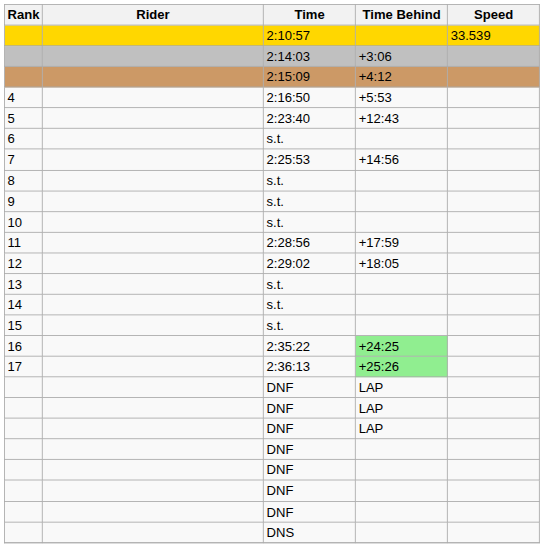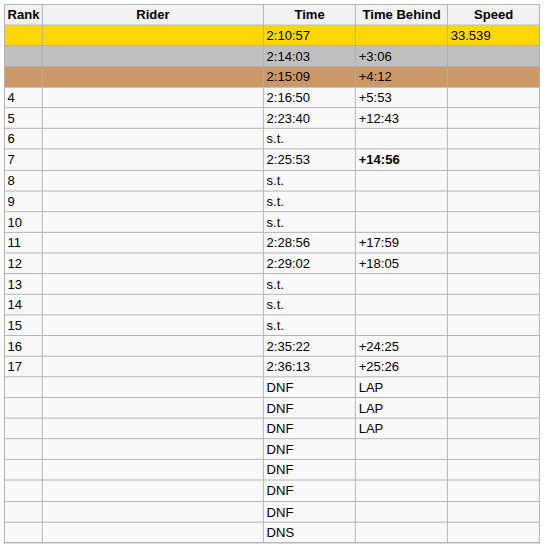 <table class="wikitable" style="font-size:95%" style="text-align:center">
 <tr>
 <th>Rank</th>
 <th width=250>Rider</th>
 <th width=100>Time</th>
 <th width=100>Time Behind</th>
 <th width=100>Speed</th>
 </tr>
 <tr bgcolor=gold>
 <td></td>
 <td align=left></td>
 <td>2:10:57</td>
 <td></td>
 <td>33.539</td>
 </tr>
 <tr bgcolor=silver>
 <td></td>
 <td align=left></td>
 <td>2:14:03</td>
 <td>+3:06</td>
 <td></td>
 </tr>
 <tr bgcolor=cc9966>
 <td></td>
 <td align=left></td>
 <td>2:15:09</td>
 <td>+4:12</td>
 <td></td>
 </tr>
 <tr>
 <td>4</td>
 <td align=left></td>
 <td>2:16:50</td>
 <td>+5:53</td>
 <td></td>
 </tr>
 <tr>
 <td>5</td>
 <td align=left></td>
 <td>2:23:40</td>
 <td>+12:43</td>
 <td></td>
 </tr>
 <tr>
 <td>6</td>
 <td align=left></td>
 <td>s.t.</td>
 <td></td>
 <td></td>
 </tr>
 <tr>
 <td>7</td>
 <td align=left></td>
 <td>2:25:53</td>
-<td>+14:56</td>
+<td><strong>+14:56</strong></td>
 <td></td>
 </tr>
 <tr>
 <td>8</td>
 <td align=left></td>
 <td>s.t.</td>
 <td></td>
 <td></td>
 </tr>
 <tr>
 <td>9</td>
 <td align=left></td>
 <td>s.t.</td>
 <td></td>
 <td></td>
 </tr>
 <tr>
 <td>10</td>
 <td align=left></td>
 <td>s.t.</td>
 <td></td>
 <td></td>
 </tr>
 <tr>
 <td>11</td>
 <td align=left></td>
 <td>2:28:56</td>
 <td>+17:59</td>
 <td></td>
 </tr>
 <tr>
 <td>12</td>
 <td align=left></td>
 <td>2:29:02</td>
 <td>+18:05</td>
 <td></td>
 </tr>
 <tr>
 <td>13</td>
 <td align=left></td>
 <td>s.t.</td>
 <td></td>
 <td></td>
 </tr>
 <tr>
 <td>14</td>
 <td align=left></td>
 <td>s.t.</td>
 <td></td>
 <td></td>
 </tr>
 <tr>
 <td>15</td>
 <td align=left></td>
 <td>s.t.</td>
 <td></td>
 <td></td>
 </tr>
 <tr>
 <td>16</td>
 <td align=left></td>
 <td>2:35:22</td>
-<td style="background: lightgreen;">+24:25</td>
+<td>+24:25</td>
 <td></td>
 </tr>
 <tr>
 <td>17</td>
 <td align=left></td>
 <td>2:36:13</td>
-<td style="background: lightgreen;">+25:26</td>
+<td>+25:26</td>
 <td></td>
 </tr>
 <tr>
 <td></td>
 <td align=left></td>
 <td>DNF</td>
 <td>LAP</td>
 <td></td>
 </tr>
 <tr>
 <td></td>
 <td align=left></td>
 <td>DNF</td>
 <td>LAP</td>
 <td></td>
 </tr>
 <tr>
 <td></td>
 <td align=left></td>
 <td>DNF</td>
 <td>LAP</td>
 <td></td>
 </tr>
 <tr>
 <td></td>
 <td align=left></td>
 <td>DNF</td>
 <td></td>
 <td></td>
 </tr>
 <tr>
 <td></td>
 <td align=left></td>
 <td>DNF</td>
 <td></td>
 <td></td>
 </tr>
 <tr>
 <td></td>
 <td align=left></td>
 <td>DNF</td>
 <td></td>
 <td></td>
 </tr>
 <tr>
 <td></td>
 <td align=left></td>
 <td>DNF</td>
 <td></td>
 <td></td>
 </tr>
 <tr>
 <td></td>
 <td align=left></td>
 <td>DNS</td>
 <td></td>
 <td></td>
 </tr>
 <tr>
 </tr>
 </table>
